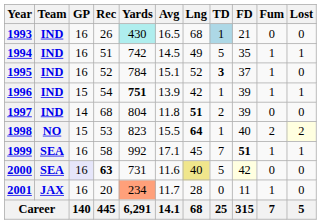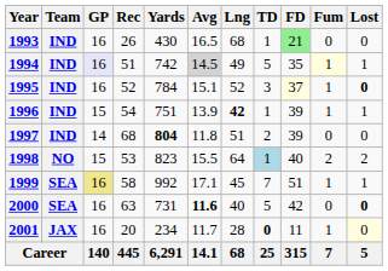 <table class="wikitable" style="text-align: center;">
 <tr>
 <th>Year</th>
 <th>Team</th>
 <th>GP</th>
 <th>Rec</th>
 <th>Yards</th>
 <th>Avg</th>
 <th>Lng</th>
 <th>TD</th>
 <th>FD</th>
 <th>Fum</th>
 <th>Lost</th>
 </tr>
 <tr>
 <th><a href='#'>1993</a></th>
 <th><a href='#'>IND</a></th>
 <td>16</td>
 <td>26</td>
-<td style="background: paleturquoise;">430</td>
+<td>430</td>
 <td>16.5</td>
 <td>68</td>
-<td style="background: lightblue;">1</td>
-<td>21</td>
+<td>1</td>
+<td style="background: lightgreen;">21</td>
 <td>0</td>
 <td>0</td>
 </tr>
 <tr>
 <th><a href='#'>1994</a></th>
 <th><a href='#'>IND</a></th>
-<td>16</td>
+<td style="background: lavender;">16</td>
 <td>51</td>
 <td>742</td>
-<td>14.5</td>
+<td style="background: lightgrey;">14.5</td>
 <td>49</td>
 <td>5</td>
 <td>35</td>
-<td>1</td>
+<td style="background: lightyellow;">1</td>
 <td>1</td>
 </tr>
 <tr>
 <th><a href='#'>1995</a></th>
 <th><a href='#'>IND</a></th>
 <td>16</td>
 <td>52</td>
 <td>784</td>
 <td>15.1</td>
 <td>52</td>
-<td><strong>3</strong></td>
-<td>37</td>
+<td>3</td>
+<td style="background: lightyellow;">37</td>
 <td>1</td>
-<td>0</td>
+<td><strong>0</strong></td>
 </tr>
 <tr>
 <th><a href='#'>1996</a></th>
 <th><a href='#'>IND</a></th>
 <td>15</td>
 <td>54</td>
-<td><strong>751</strong></td>
+<td>751</td>
 <td>13.9</td>
-<td>42</td>
+<td><strong>42</strong></td>
 <td>1</td>
 <td>39</td>
 <td>1</td>
 <td>1</td>
 </tr>
 <tr>
 <th><a href='#'>1997</a></th>
 <th><a href='#'>IND</a></th>
 <td>14</td>
 <td>68</td>
-<td>804</td>
+<td><strong>804</strong></td>
 <td>11.8</td>
-<td><strong>51</strong></td>
+<td>51</td>
 <td>2</td>
 <td>39</td>
 <td>0</td>
 <td>0</td>
 </tr>
 <tr>
 <th><a href='#'>1998</a></th>
 <th><a href='#'>NO</a></th>
 <td>15</td>
 <td>53</td>
 <td>823</td>
 <td>15.5</td>
-<td><strong>64</strong></td>
-<td>1</td>
+<td>64</td>
+<td style="background: lightblue;">1</td>
 <td>40</td>
 <td>2</td>
-<td style="background: lightyellow;">2</td>
+<td>2</td>
 </tr>
 <tr>
 <th><a href='#'>1999</a></th>
 <th><a href='#'>SEA</a></th>
-<td>16</td>
+<td style="background: khaki;">16</td>
 <td>58</td>
 <td>992</td>
 <td>17.1</td>
 <td>45</td>
 <td>7</td>
-<td><strong>51</strong></td>
+<td>51</td>
 <td>1</td>
 <td>1</td>
 </tr>
 <tr>
 <th><a href='#'>2000</a></th>
 <th><a href='#'>SEA</a></th>
-<td style="background: lavender;">16</td>
-<td><strong>63</strong></td>
+<td>16</td>
+<td>63</td>
 <td>731</td>
-<td>11.6</td>
-<td style="background: khaki;">40</td>
+<td><strong>11.6</strong></td>
+<td>40</td>
 <td>5</td>
-<td style="background: lightyellow;">42</td>
+<td>42</td>
 <td>0</td>
-<td>0</td>
+<td><strong>0</strong></td>
 </tr>
 <tr>
 <th><a href='#'>2001</a></th>
 <th><a href='#'>JAX</a></th>
 <td>16</td>
 <td>20</td>
-<td style="background: lightsalmon;">234</td>
+<td>234</td>
 <td>11.7</td>
 <td>28</td>
-<td>0</td>
+<td><strong>0</strong></td>
 <td>11</td>
 <td>1</td>
-<td>0</td>
+<td style="background: lightyellow;">0</td>
 </tr>
 <tr>
 <th colspan="2">Career</th>
 <th>140</th>
 <th>445</th>
 <th>6,291</th>
 <th>14.1</th>
 <th>68</th>
 <th>25</th>
 <th>315</th>
 <th>7</th>
 <th>5</th>
 </tr>
 </table>
